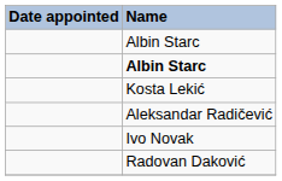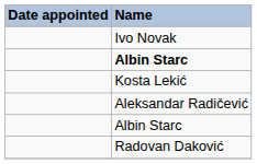 <table class="wikitable">
 <tr>
 <th style="text-align: left; background: #B0C4DE;">Date appointed</th>
 <th style="text-align: left; background: #B0C4DE;">Name</th>
 </tr>
 <tr>
 <td></td>
-<td>Albin Starc</td>
+<td>Ivo Novak</td>
 </tr>
 <tr>
 <td></td>
 <td><strong>Albin Starc</strong></td>
 </tr>
 <tr>
 <td></td>
 <td>Kosta Lekić</td>
 </tr>
 <tr>
 <td></td>
 <td>Aleksandar Radičević</td>
 </tr>
 <tr>
 <td></td>
-<td>Ivo Novak</td>
+<td>Albin Starc</td>
 </tr>
 <tr>
 <td></td>
 <td>Radovan Daković</td>
 </tr>
 <tr>
 </tr>
 </table>
